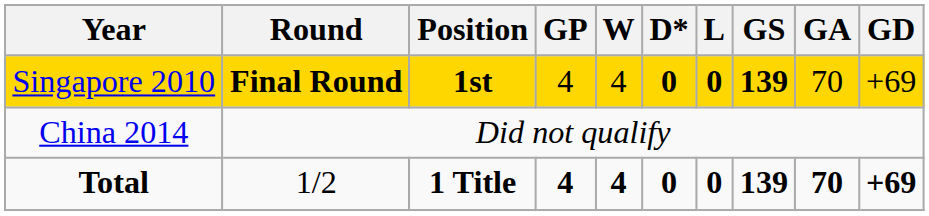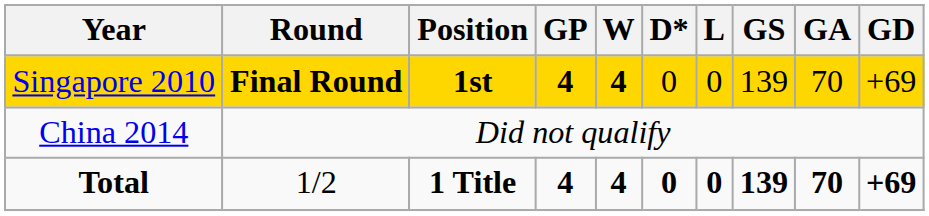 <table class="wikitable" style="text-align: center;">
 <tr>
 <th>Year</th>
 <th>Round</th>
 <th>Position</th>
 <th>GP</th>
 <th>W</th>
 <th>D*</th>
 <th>L</th>
 <th>GS</th>
 <th>GA</th>
 <th>GD</th>
 </tr>
 <tr bgcolor=gold>
 <td><a href='#'>Singapore 2010</a></td>
 <td><strong>Final Round</strong></td>
 <td><strong>1st</strong></td>
-<td>4</td>
-<td>4</td>
-<td><strong>0</strong></td>
-<td><strong>0</strong></td>
-<td><strong>139</strong></td>
+<td><strong>4</strong></td>
+<td><strong>4</strong></td>
+<td>0</td>
+<td>0</td>
+<td>139</td>
 <td>70</td>
 <td>+69</td>
 </tr>
 <tr>
 <td><a href='#'>China 2014</a></td>
 <td colspan="9"><em>Did not qualify</em></td>
 </tr>
 <tr>
 <td><strong>Total</strong></td>
 <td>1/2</td>
 <td><strong>1 Title</strong></td>
 <td><strong>4</strong></td>
 <td><strong>4</strong></td>
 <td><strong>0</strong></td>
 <td><strong>0</strong></td>
 <td><strong>139</strong></td>
 <td><strong>70</strong></td>
 <td><strong>+69</strong></td>
 </tr>
 </table>
